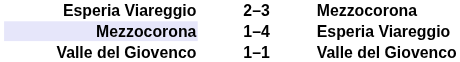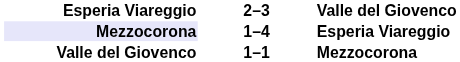 <table width="100%" cellspacing="1">
 <tr>
 <th width="20%"></th>
 <th width="12%"></th>
 <th width="20%"></th>
 <th></th>
 </tr>
 <tr style="font-size:90%;">
 <td align="right"><strong>Esperia Viareggio</strong></td>
 <td align="center"><strong>2–3</strong></td>
-<td align="left"><strong>Mezzocorona</strong></td>
+<td align="left"><strong>Valle del Giovenco</strong></td>
 </tr>
 <tr style="font-size:90%;">
 <td align="right" style="background: lavender;"><strong>Mezzocorona</strong></td>
 <td align="center"><strong>1–4</strong></td>
 <td align="left"><strong>Esperia Viareggio</strong></td>
 </tr>
 <tr style="font-size:90%;">
 <td align="right"><strong>Valle del Giovenco</strong></td>
 <td align="center"><strong>1–1</strong></td>
-<td align="left"><strong>Valle del Giovenco</strong></td>
+<td align="left"><strong>Mezzocorona</strong></td>
 </tr>
 </table>
